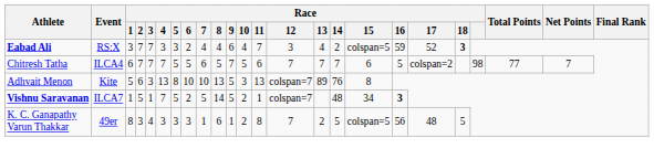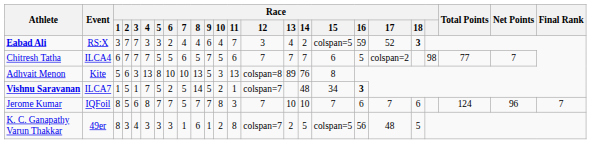 <table class="wikitable" style="text-align:center; font-size:90%">
 <tr>
 <th rowspan="2">Athlete</th>
 <th rowspan="2">Event</th>
 <th colspan="19">Race</th>
 <th rowspan="2">Total Points</th>
 <th rowspan="2">Net Points</th>
 <th rowspan="2">Final Rank</th>
 </tr>
 <tr>
 <th>1</th>
 <th>2</th>
 <th>3</th>
 <th>4</th>
 <th>5</th>
 <th>6</th>
 <th>7</th>
 <th>8</th>
 <th>9</th>
 <th>10</th>
 <th>11</th>
 <th>12</th>
 <th>13</th>
 <th>14</th>
 <th>15</th>
 <th>16</th>
 <th>17</th>
 <th>18</th>
 <th></th>
 </tr>
 <tr>
 <td style="text-align:left"><strong><a href='#'>Eabad Ali</a></strong></td>
 <td><a href='#'>RS:X</a></td>
 <td>3</td>
 <td>7<br></td>
 <td>7<br></td>
 <td>3</td>
 <td>3</td>
 <td>2</td>
 <td>4</td>
 <td>4</td>
 <td>6</td>
 <td>4</td>
 <td>7<br></td>
 <td>3</td>
 <td>4</td>
 <td>2</td>
 <td>colspan=5 </td>
 <td>59</td>
 <td>52</td>
 <td><strong>3</strong></td>
 </tr>
 <tr>
 <td style="text-align:left"><a href='#'>Chitresh Tatha</a></td>
 <td><a href='#'>ILCA4</a></td>
 <td>6</td>
 <td>7</td>
 <td>7</td>
 <td>7</td>
 <td>5</td>
 <td>5</td>
 <td>6</td>
 <td>5</td>
 <td>7</td>
 <td>5</td>
 <td>6</td>
 <td>7</td>
 <td>7</td>
 <td>7</td>
 <td>6</td>
 <td>5</td>
 <td>colspan=2 </td>
 <td></td>
 <td>98</td>
 <td>77</td>
 <td>7</td>
 </tr>
 <tr>
 <td style="text-align:left"><a href='#'>Adhvait Menon</a></td>
 <td><a href='#'>Kite</a></td>
 <td>5</td>
 <td>6</td>
 <td>3</td>
 <td>13<br></td>
 <td>8</td>
 <td>10</td>
 <td>10</td>
 <td>13<br></td>
 <td>5</td>
 <td>3</td>
 <td>13<br></td>
-<td>colspan=7 </td>
+<td>colspan=8 </td>
 <td>89</td>
 <td>76</td>
 <td>8</td>
 </tr>
 <tr>
 <td style="text-align:left"><strong><a href='#'>Vishnu Saravanan</a></strong></td>
 <td><a href='#'>ILCA7</a></td>
 <td>1</td>
 <td>5</td>
 <td>1</td>
 <td>7</td>
 <td>5</td>
 <td>2</td>
 <td>5</td>
 <td>14<br></td>
 <td>5</td>
 <td>2</td>
 <td>1</td>
 <td>colspan=7 </td>
 <td></td>
 <td>48</td>
 <td>34</td>
 <td><strong>3</strong></td>
 </tr>
 <tr>
+<td style="text-align:left"><a href='#'>Jerome Kumar</a></td>
+<td><a href='#'>IQFoil</a></td>
+<td>8</td>
+<td>5</td>
+<td>6</td>
+<td>8</td>
+<td>7</td>
+<td>7</td>
+<td>5</td>
+<td>7</td>
+<td>7</td>
+<td>8</td>
+<td>3</td>
+<td>7</td>
+<td>10<br></td>
+<td>10<br></td>
+<td>7</td>
+<td>6</td>
+<td>7</td>
+<td>6</td>
+<td></td>
+<td>124</td>
+<td>96</td>
+<td>7</td>
+</tr>
+<tr>
 <td style="text-align:left"><a href='#'>K. C. Ganapathy</a><br><a href='#'>Varun Thakkar</a></td>
 <td><a href='#'>49er</a></td>
 <td>8</td>
 <td>3</td>
 <td>4</td>
 <td>3</td>
 <td>3</td>
 <td>3</td>
 <td>1</td>
 <td>6</td>
 <td>1</td>
 <td>2</td>
 <td>8</td>
-<td>7</td>
+<td>colspan=7 </td>
 <td>2</td>
 <td>5</td>
 <td>colspan=5 </td>
 <td>56</td>
 <td>48</td>
 <td>5</td>
 </tr>
 </table>
